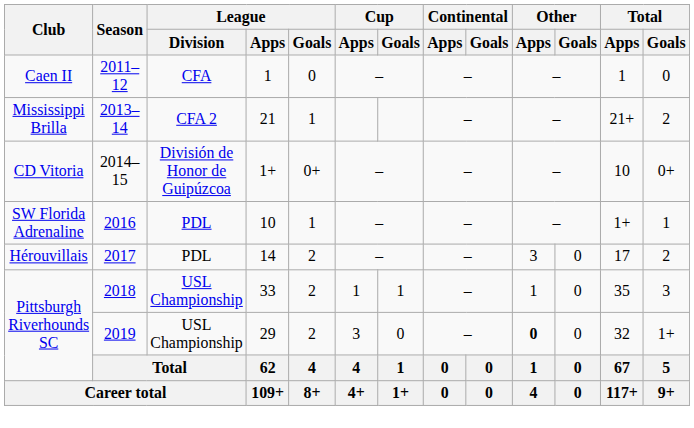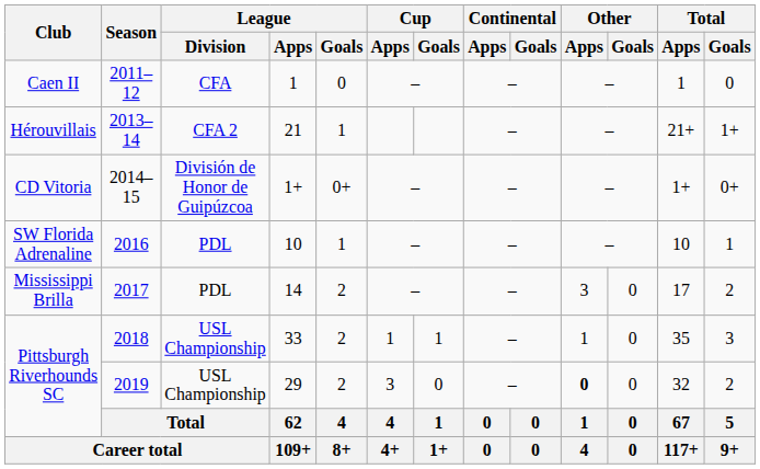 <table class="wikitable" style="text-align: center;">
 <tr>
 <th rowspan=2>Club</th>
 <th rowspan=2>Season</th>
 <th colspan=3>League</th>
 <th colspan=2>Cup</th>
 <th colspan=2>Continental</th>
 <th colspan=2>Other</th>
 <th colspan=2>Total</th>
 </tr>
 <tr>
 <th>Division</th>
 <th>Apps</th>
 <th>Goals</th>
 <th>Apps</th>
 <th>Goals</th>
 <th>Apps</th>
 <th>Goals</th>
 <th>Apps</th>
 <th>Goals</th>
 <th>Apps</th>
 <th>Goals</th>
 </tr>
 <tr>
 <td><a href='#'>Caen II</a></td>
 <td><a href='#'>2011–12</a></td>
 <td><a href='#'>CFA</a></td>
 <td>1</td>
 <td>0</td>
 <td colspan=2>–</td>
 <td colspan=2>–</td>
 <td colspan=2>–</td>
 <td>1</td>
 <td>0</td>
 </tr>
 <tr>
-<td><a href='#'>Mississippi Brilla</a></td>
+<td><a href='#'>Hérouvillais</a></td>
 <td><a href='#'>2013–14</a></td>
 <td><a href='#'>CFA 2</a></td>
 <td>21</td>
 <td>1</td>
 <td></td>
 <td></td>
 <td colspan=2>–</td>
 <td colspan=2>–</td>
 <td>21+</td>
-<td>2</td>
+<td>1+</td>
 </tr>
 <tr>
 <td><a href='#'>CD Vitoria</a></td>
 <td>2014–15</td>
 <td><a href='#'>División de Honor de Guipúzcoa</a></td>
 <td>1+</td>
 <td>0+</td>
 <td colspan=2>–</td>
 <td colspan=2>–</td>
 <td colspan=2>–</td>
-<td>10</td>
+<td>1+</td>
 <td>0+</td>
 </tr>
 <tr>
 <td><a href='#'>SW Florida Adrenaline</a></td>
 <td><a href='#'>2016</a></td>
 <td><a href='#'>PDL</a></td>
 <td>10</td>
 <td>1</td>
 <td colspan=2>–</td>
 <td colspan=2>–</td>
 <td colspan=2>–</td>
-<td>1+</td>
+<td>10</td>
 <td>1</td>
 </tr>
 <tr>
-<td><a href='#'>Hérouvillais</a></td>
+<td><a href='#'>Mississippi Brilla</a></td>
 <td><a href='#'>2017</a></td>
 <td>PDL</td>
 <td>14</td>
 <td>2</td>
 <td colspan=2>–</td>
 <td colspan=2>–</td>
 <td>3</td>
 <td>0</td>
 <td>17</td>
 <td>2</td>
 </tr>
 <tr>
 <td rowspan=3><a href='#'>Pittsburgh Riverhounds SC</a></td>
 <td><a href='#'>2018</a></td>
 <td><a href='#'>USL Championship</a></td>
 <td>33</td>
 <td>2</td>
 <td>1</td>
 <td>1</td>
 <td colspan=2>–</td>
 <td>1</td>
 <td>0</td>
 <td>35</td>
 <td>3</td>
 </tr>
 <tr>
 <td><a href='#'>2019</a></td>
 <td>USL Championship</td>
 <td>29</td>
 <td>2</td>
 <td>3</td>
 <td>0</td>
 <td colspan=2>–</td>
 <td><strong>0</strong></td>
 <td>0</td>
 <td>32</td>
-<td>1+</td>
+<td>2</td>
 </tr>
 <tr>
 <th colspan=2>Total</th>
 <th>62</th>
 <th>4</th>
 <th>4</th>
 <th>1</th>
 <th>0</th>
 <th>0</th>
 <th>1</th>
 <th>0</th>
 <th>67</th>
 <th>5</th>
 </tr>
 <tr>
 <th colspan=3>Career total</th>
 <th>109+</th>
 <th>8+</th>
 <th>4+</th>
 <th>1+</th>
 <th>0</th>
 <th>0</th>
 <th>4</th>
 <th>0</th>
 <th>117+</th>
 <th>9+</th>
 </tr>
 </table>
